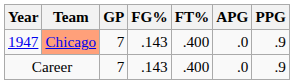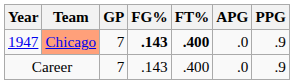 <table class="wikitable sortable" style="font-size:95%; text-align:right;">
 <tr>
 <th>Year</th>
 <th>Team</th>
 <th>GP</th>
 <th>FG%</th>
 <th>FT%</th>
 <th>APG</th>
 <th>PPG</th>
 </tr>
 <tr>
 <td style="text-align:left;"><a href='#'>1947</a></td>
 <td style="background: lightsalmon; text-align:left;"><a href='#'>Chicago</a></td>
 <td>7</td>
-<td>.143</td>
-<td>.400</td>
+<td><strong>.143</strong></td>
+<td><strong>.400</strong></td>
 <td>.0</td>
 <td>.9</td>
 </tr>
 <tr>
 <td style="text-align:center;" colspan="2">Career</td>
 <td>7</td>
 <td>.143</td>
 <td>.400</td>
 <td>.0</td>
 <td>.9</td>
 </tr>
 </table>
